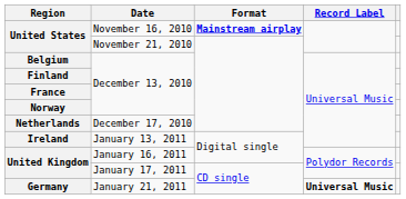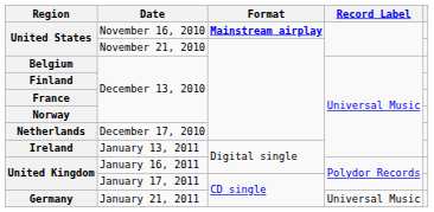 <table class="wikitable plainrowheaders">
 <tr>
 <th scope="col">Region</th>
 <th scope="col">Date</th>
 <th scope="col">Format</th>
 <th scope="col"><a href='#'>Record Label</a></th>
 <th scope="col"></th>
 </tr>
 <tr>
 <th scope="row" rowspan="2">United States</th>
 <td>November 16, 2010</td>
 <td><strong><a href='#'>Mainstream airplay</a></strong></td>
 <td rowspan="2"></td>
 <td style="text-align:center"></td>
 </tr>
 <tr>
 <td>November 21, 2010</td>
 <td rowspan="6"></td>
 <td style="text-align:center"></td>
 </tr>
 <tr>
 <th scope="row">Belgium</th>
 <td rowspan="4">December 13, 2010</td>
 <td rowspan="6"><a href='#'>Universal Music</a></td>
 <td style="text-align:center"></td>
 </tr>
 <tr>
 <th scope="row">Finland</th>
 <td style="text-align:center"></td>
 </tr>
 <tr>
 <th scope="row">France</th>
 <td style="text-align:center"></td>
 </tr>
 <tr>
 <th scope="row">Norway</th>
 <td style="text-align:center"></td>
 </tr>
 <tr>
 <th scope="row">Netherlands</th>
 <td>December 17, 2010</td>
 <td style="text-align:center"></td>
 </tr>
 <tr>
 <th scope="row">Ireland</th>
 <td>January 13, 2011</td>
 <td rowspan="2">Digital single</td>
 <td style="text-align:center"></td>
 </tr>
 <tr>
 <th scope="row" rowspan="2">United Kingdom</th>
 <td>January 16, 2011</td>
 <td rowspan="2"><a href='#'>Polydor Records</a></td>
 <td style="text-align:center"></td>
 </tr>
 <tr>
 <td>January 17, 2011</td>
 <td rowspan="2"><a href='#'>CD single</a></td>
 <td style="text-align:center"></td>
 </tr>
 <tr>
 <th scope="row">Germany</th>
 <td>January 21, 2011</td>
-<td><strong>Universal Music</strong></td>
+<td>Universal Music</td>
 <td style="text-align:center"></td>
 </tr>
 </table>
